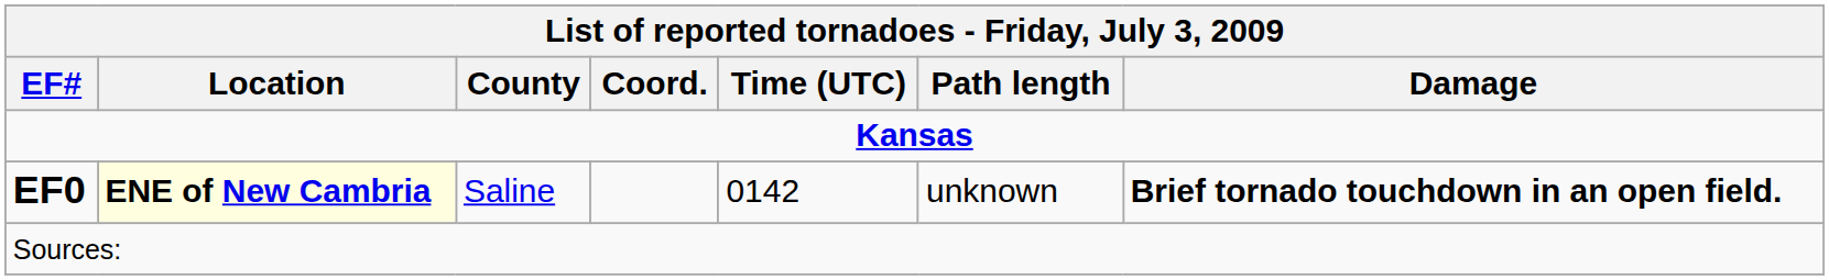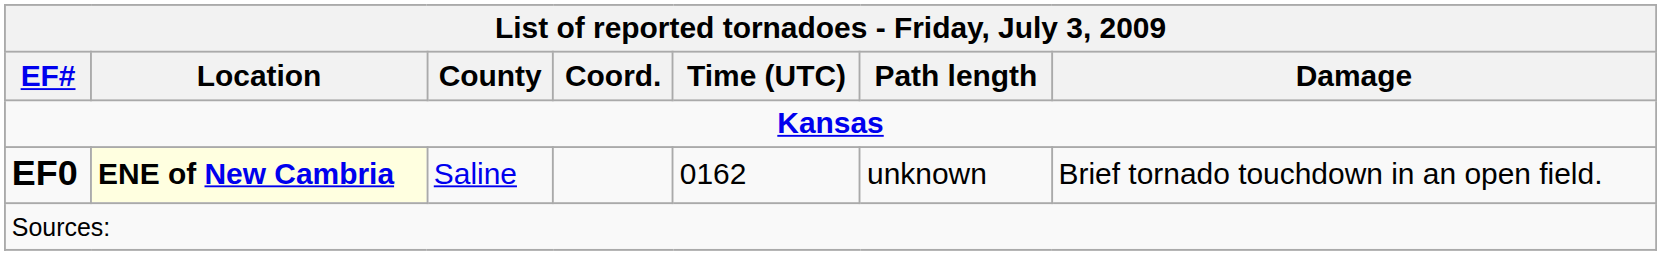 <table class="wikitable collapsible" style="width:100%;">
 <tr>
 <th colspan="7">List of reported tornadoes - Friday, July 3, 2009</th>
 </tr>
 <tr>
 <th><a href='#'>EF#</a></th>
 <th>Location</th>
 <th>County</th>
 <th>Coord.</th>
 <th>Time (UTC)</th>
 <th>Path length</th>
 <th>Damage</th>
 </tr>
 <tr>
 <td colspan="7" style="text-align:center;"><strong><a href='#'>Kansas</a></strong></td>
 </tr>
 <tr>
 <td><big><strong>EF0</strong></big></td>
 <td style="background: lightyellow;"><strong>ENE of <a href='#'>New Cambria</a></strong></td>
 <td><a href='#'>Saline</a></td>
 <td></td>
-<td>0142</td>
+<td>0162</td>
 <td>unknown</td>
-<td><strong>Brief tornado touchdown in an open field.</strong></td>
+<td>Brief tornado touchdown in an open field.</td>
 </tr>
 <tr>
 <td colspan="7"><small>Sources: </small></td>
 </tr>
 </table>
